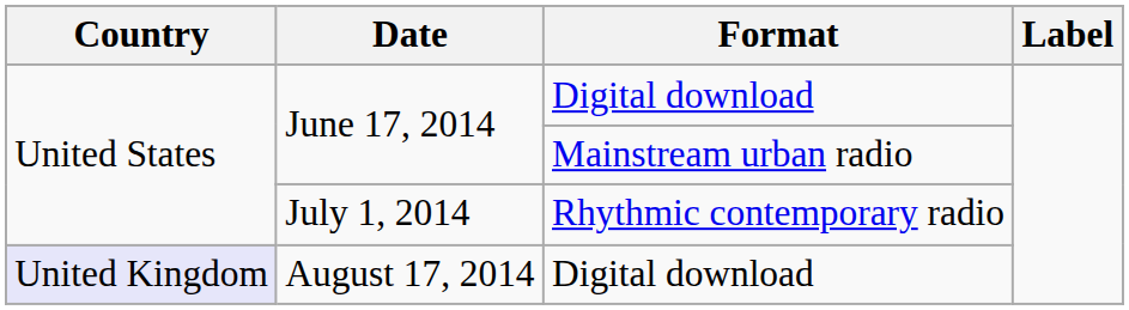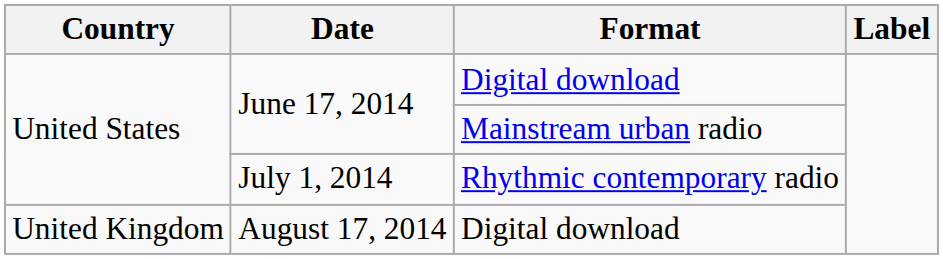 <table class="wikitable plainrowheaders">
 <tr>
 <th scope="col">Country</th>
 <th>Date</th>
 <th>Format</th>
 <th>Label</th>
 </tr>
 <tr>
 <td rowspan="3">United States</td>
 <td rowspan="2">June 17, 2014</td>
 <td><a href='#'>Digital download</a></td>
 <td rowspan="4"></td>
 </tr>
 <tr>
 <td><a href='#'>Mainstream urban</a> radio</td>
 </tr>
 <tr>
 <td>July 1, 2014</td>
 <td><a href='#'>Rhythmic contemporary</a> radio</td>
 </tr>
 <tr>
-<td style="background: lavender;">United Kingdom</td>
+<td>United Kingdom</td>
 <td>August 17, 2014</td>
 <td>Digital download</td>
 </tr>
 </table>
